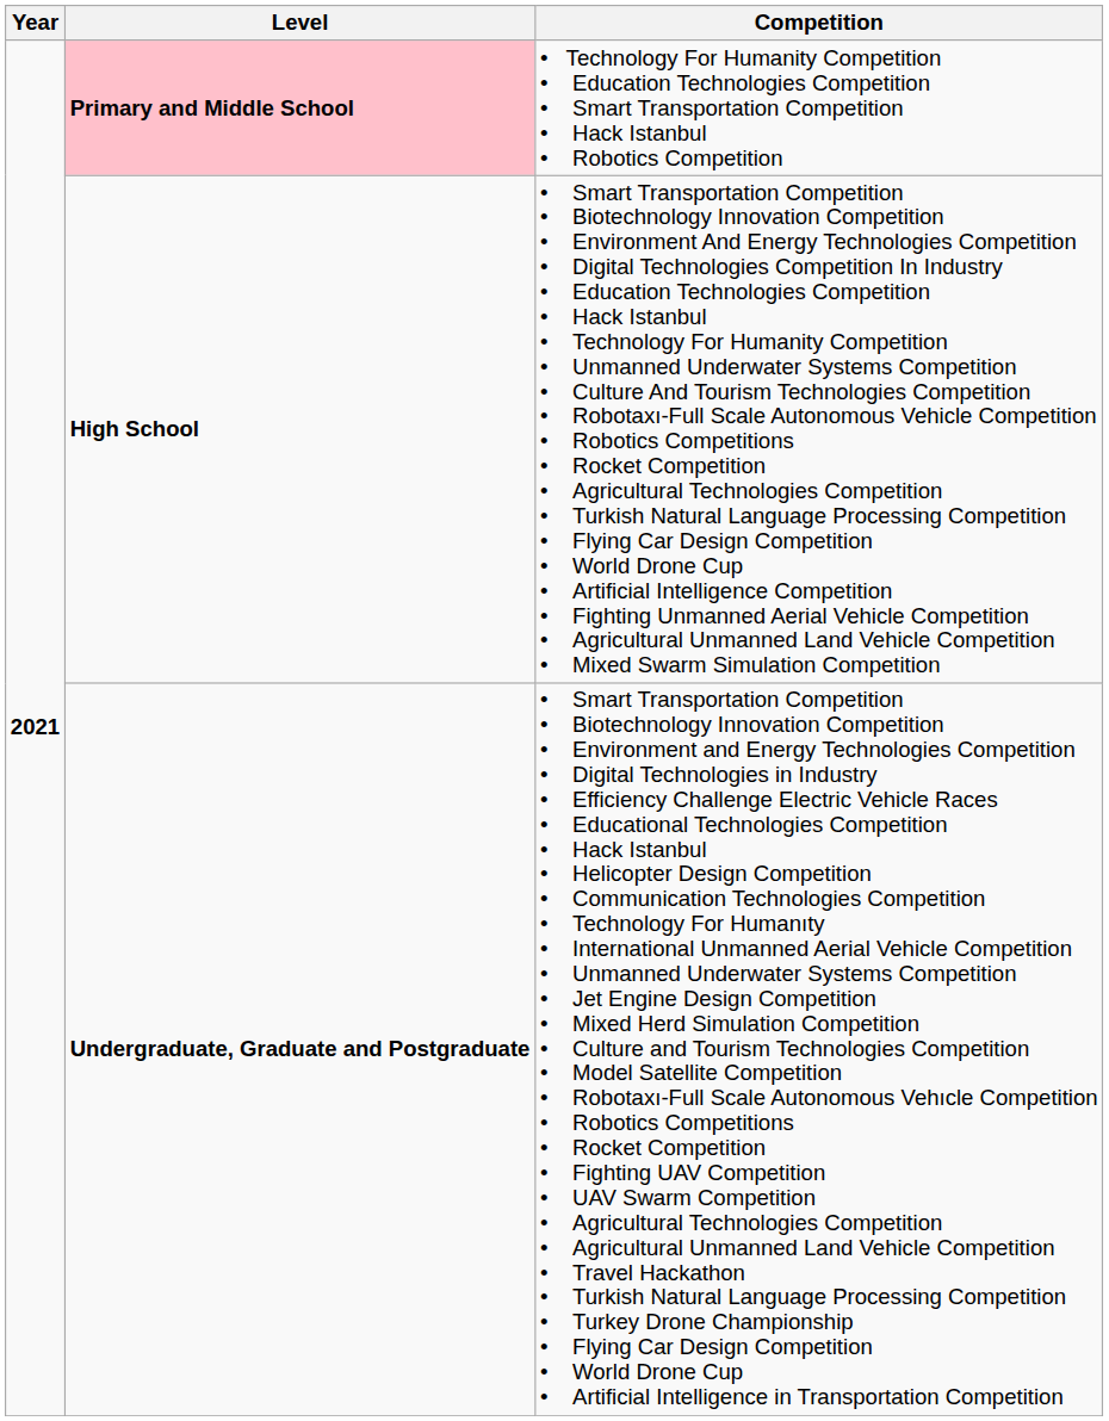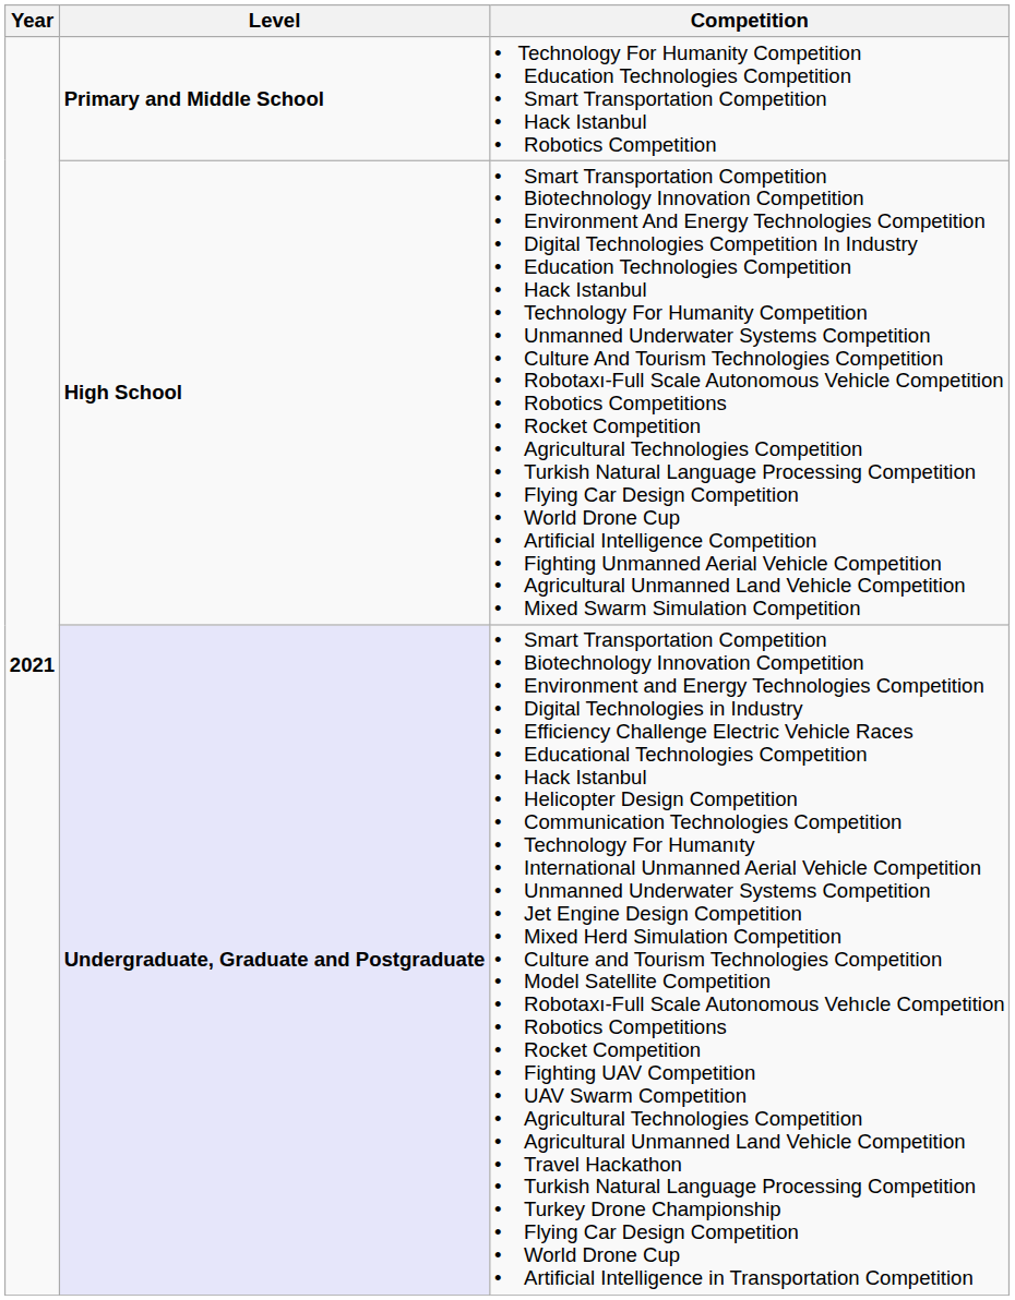 <table class="wikitable">
 <tr>
 <th>Year</th>
 <th>Level</th>
 <th>Competition</th>
 </tr>
 <tr>
 <td rowspan="3"><strong>2021</strong></td>
-<td style="background: pink;"><strong>Primary and Middle School</strong></td>
+<td><strong>Primary and Middle School</strong></td>
 <td>•    Technology For Humanity Competition<br>•    Education Technologies Competition<br>•    Smart Transportation Competition<br>•    Hack Istanbul<br>•    Robotics Competition</td>
 </tr>
 <tr>
 <td><strong>High School</strong></td>
 <td>•    Smart Transportation Competition<br>•    Biotechnology Innovation Competition<br>•    Environment And Energy Technologies Competition<br>•    Digital Technologies Competition In Industry<br>•    Education Technologies Competition<br>•    Hack Istanbul<br>•    Technology For Humanity Competition<br>•    Unmanned Underwater Systems Competition<br>•    Culture And Tourism Technologies Competition<br>•    Robotaxı-Full Scale Autonomous Vehicle Competition<br>•    Robotics Competitions<br>•    Rocket Competition<br>•    Agricultural Technologies Competition<br>•    Turkish Natural Language Processing Competition<br>•    Flying Car Design Competition<br>•    World Drone Cup<br>•    Artificial Intelligence Competition<br>•    Fighting Unmanned Aerial Vehicle Competition<br>•    Agricultural Unmanned Land Vehicle Competition<br>•    Mixed Swarm Simulation Competition</td>
 </tr>
 <tr>
-<td><strong>Undergraduate, Graduate and Postgraduate</strong></td>
+<td style="background: lavender;"><strong>Undergraduate, Graduate and Postgraduate</strong></td>
 <td>•    Smart Transportation Competition<br>•    Biotechnology Innovation Competition<br>•    Environment and Energy Technologies Competition<br>•    Digital Technologies in Industry<br>•    Efficiency Challenge Electric Vehicle Races<br>•    Educational Technologies Competition<br>•    Hack Istanbul<br>•    Helicopter Design Competition<br>•    Communication Technologies Competition<br>•    Technology For Humanıty<br>•    International Unmanned Aerial Vehicle Competition<br>•    Unmanned Underwater Systems Competition<br>•    Jet Engine Design Competition<br>•    Mixed Herd Simulation Competition<br>•    Culture and Tourism Technologies Competition<br>•    Model Satellite Competition<br>•    Robotaxı-Full Scale Autonomous Vehıcle Competition<br>•    Robotics Competitions<br>•    Rocket Competition<br>•    Fighting UAV Competition<br>•    UAV Swarm Competition<br>•    Agricultural Technologies Competition<br>•    Agricultural Unmanned Land Vehicle Competition<br>•    Travel Hackathon<br>•    Turkish Natural Language Processing Competition<br>•    Turkey Drone Championship<br>•    Flying Car Design Competition<br>•    World Drone Cup<br>•    Artificial Intelligence in Transportation Competition</td>
 </tr>
 </table>
